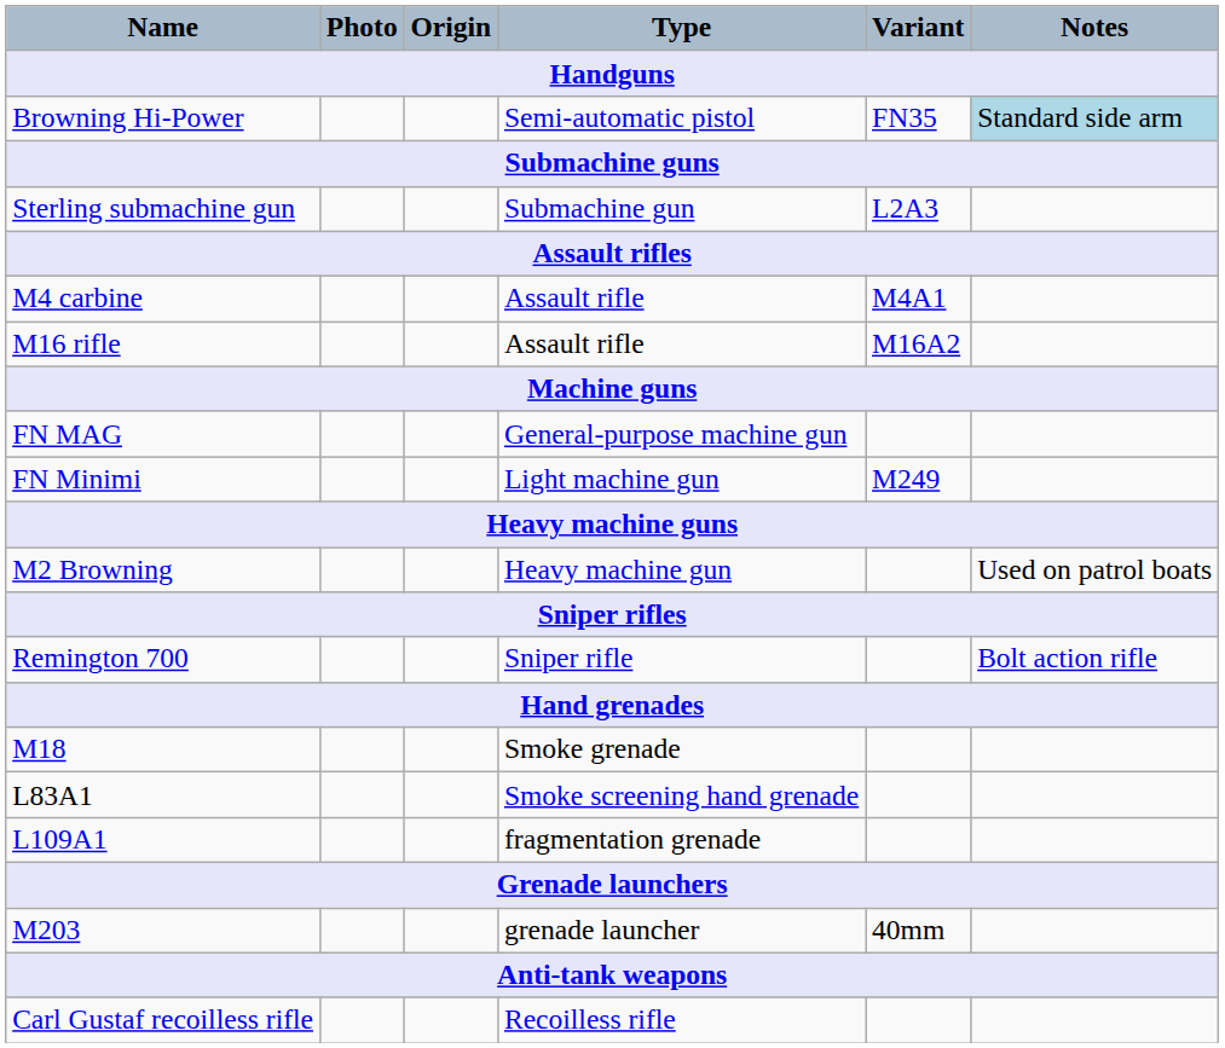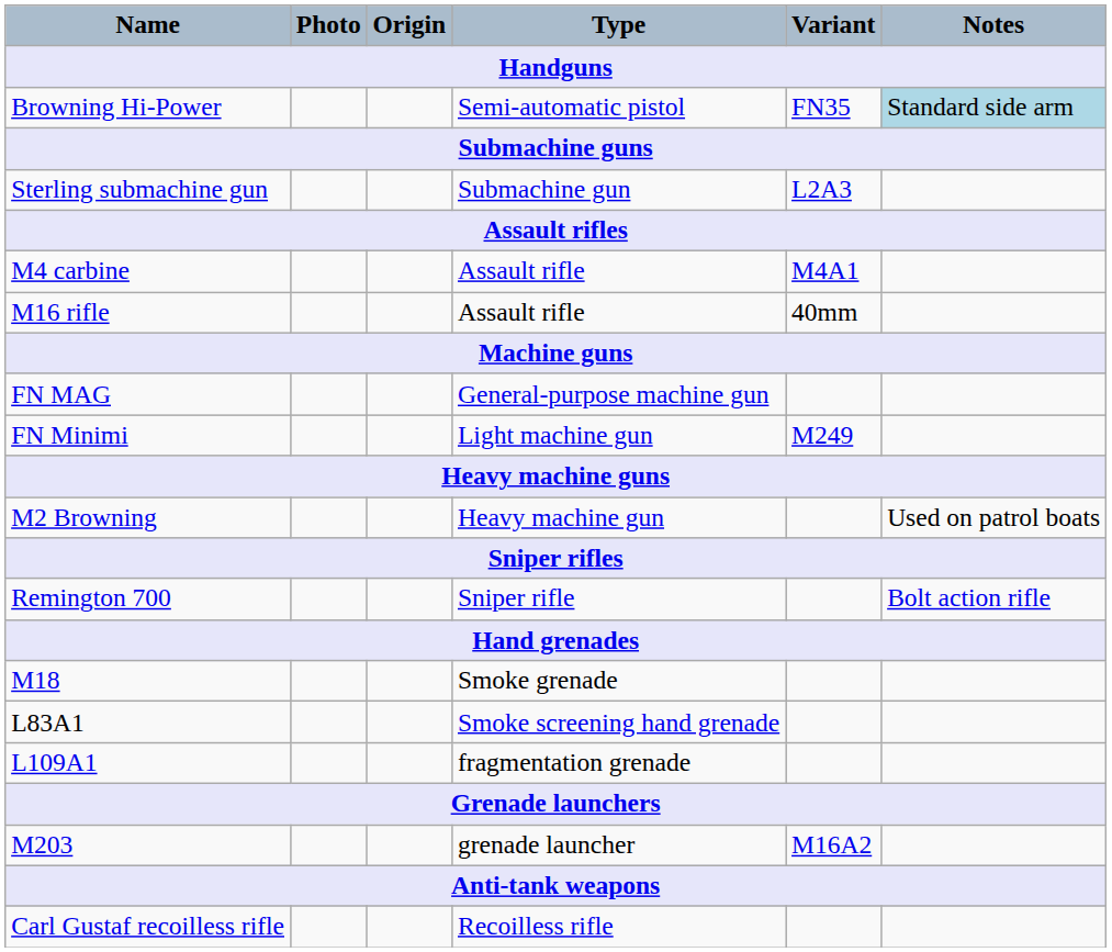 <table class="wikitable">
 <tr>
 <th style="text-align:center; background:#aabccc;">Name</th>
 <th style="text-align:center; background:#aabccc;">Photo</th>
 <th style="text-align: center; background:#aabccc;">Origin</th>
 <th style="text-align:l center! ; background:#aabccc;">Type</th>
 <th style="text-align:l center; background:#aabccc;">Variant</th>
 <th style="text-align: center; background:#aabccc;">Notes</th>
 </tr>
 <tr>
 <th style="align: center; background: lavender;" colspan="6"><a href='#'>Handguns</a></th>
 </tr>
 <tr>
 <td><a href='#'>Browning Hi-Power</a></td>
 <td></td>
 <td></td>
 <td><a href='#'>Semi-automatic pistol</a></td>
 <td><a href='#'>FN35</a></td>
 <td style="background: lightblue;">Standard side arm</td>
 </tr>
 <tr>
 <th style="align: center; background: lavender;" colspan="6"><a href='#'>Submachine guns</a></th>
 </tr>
 <tr>
 <td><a href='#'>Sterling submachine gun</a></td>
 <td></td>
 <td></td>
 <td><a href='#'>Submachine gun</a></td>
 <td><a href='#'>L2A3</a></td>
 <td></td>
 </tr>
 <tr>
 <th style="align: center; background: lavender;" colspan="6"><a href='#'>Assault rifles</a></th>
 </tr>
 <tr>
 <td><a href='#'>M4 carbine</a></td>
 <td></td>
 <td></td>
 <td><a href='#'>Assault rifle</a></td>
 <td><a href='#'>M4A1</a></td>
 <td></td>
 </tr>
 <tr>
 <td><a href='#'>M16 rifle</a></td>
 <td></td>
 <td></td>
 <td>Assault rifle</td>
-<td><a href='#'>M16A2</a></td>
+<td>40mm</td>
 <td></td>
 </tr>
 <tr>
 <th style="align: center; background: lavender;" colspan="6"><a href='#'>Machine guns</a></th>
 </tr>
 <tr>
 <td><a href='#'>FN MAG</a></td>
 <td></td>
 <td></td>
 <td><a href='#'>General-purpose machine gun</a></td>
 <td></td>
 <td></td>
 </tr>
 <tr>
 <td><a href='#'>FN Minimi</a></td>
 <td></td>
 <td></td>
 <td><a href='#'>Light machine gun</a></td>
 <td><a href='#'>M249</a></td>
 <td></td>
 </tr>
 <tr>
 <th style="align: center; background: lavender;" colspan="6"><a href='#'>Heavy machine guns</a></th>
 </tr>
 <tr>
 <td><a href='#'>M2 Browning</a></td>
 <td></td>
 <td></td>
 <td><a href='#'>Heavy machine gun</a></td>
 <td></td>
 <td>Used on patrol boats</td>
 </tr>
 <tr>
 <th style="align: center; background: lavender;" colspan="6"><a href='#'>Sniper rifles</a></th>
 </tr>
 <tr>
 <td><a href='#'>Remington 700</a></td>
 <td></td>
 <td></td>
 <td><a href='#'>Sniper rifle</a></td>
 <td></td>
 <td><a href='#'>Bolt action rifle</a></td>
 </tr>
 <tr>
 <th style="align: center; background: lavender;" colspan="6"><a href='#'>Hand grenades</a></th>
 </tr>
 <tr>
 <td><a href='#'>M18</a></td>
 <td></td>
 <td></td>
 <td>Smoke grenade</td>
 <td></td>
 <td></td>
 </tr>
 <tr>
 <td>L83A1</td>
 <td></td>
 <td></td>
 <td><a href='#'>Smoke screening hand grenade</a></td>
 <td></td>
 <td></td>
 </tr>
 <tr>
 <td><a href='#'>L109A1</a></td>
 <td></td>
 <td></td>
 <td>fragmentation grenade</td>
 <td></td>
 <td></td>
 </tr>
 <tr>
 <th style="align: center; background: lavender;" colspan="6"><a href='#'>Grenade launchers</a></th>
 </tr>
 <tr>
 <td><a href='#'>M203</a></td>
 <td></td>
 <td></td>
 <td>grenade launcher</td>
-<td>40mm</td>
+<td><a href='#'>M16A2</a></td>
 <td></td>
 </tr>
 <tr>
 <th style="align: center; background: lavender;" colspan="6"><a href='#'>Anti-tank weapons</a></th>
 </tr>
 <tr>
 <td><a href='#'> Carl Gustaf recoilless rifle</a></td>
 <td></td>
 <td></td>
 <td><a href='#'>Recoilless rifle</a></td>
 <td></td>
 <td></td>
 </tr>
 </table>
